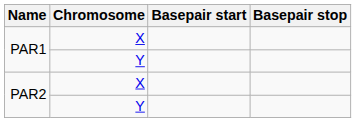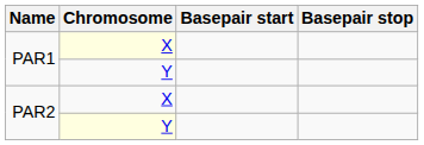 <table class="wikitable" style="text-align:right">
 <tr>
 <th>Name</th>
 <th>Chromosome</th>
 <th>Basepair start</th>
 <th>Basepair stop</th>
 </tr>
 <tr>
 <td rowspan="2">PAR1</td>
-<td><a href='#'>X</a></td>
+<td style="background: lightyellow;"><a href='#'>X</a></td>
 <td></td>
 <td></td>
 </tr>
 <tr>
 <td><a href='#'>Y</a></td>
 <td></td>
 <td></td>
 </tr>
 <tr>
 <td rowspan="2">PAR2</td>
 <td><a href='#'>X</a></td>
 <td></td>
 <td></td>
 </tr>
 <tr>
-<td><a href='#'>Y</a></td>
+<td style="background: lightyellow;"><a href='#'>Y</a></td>
 <td></td>
 <td></td>
 </tr>
 </table>
